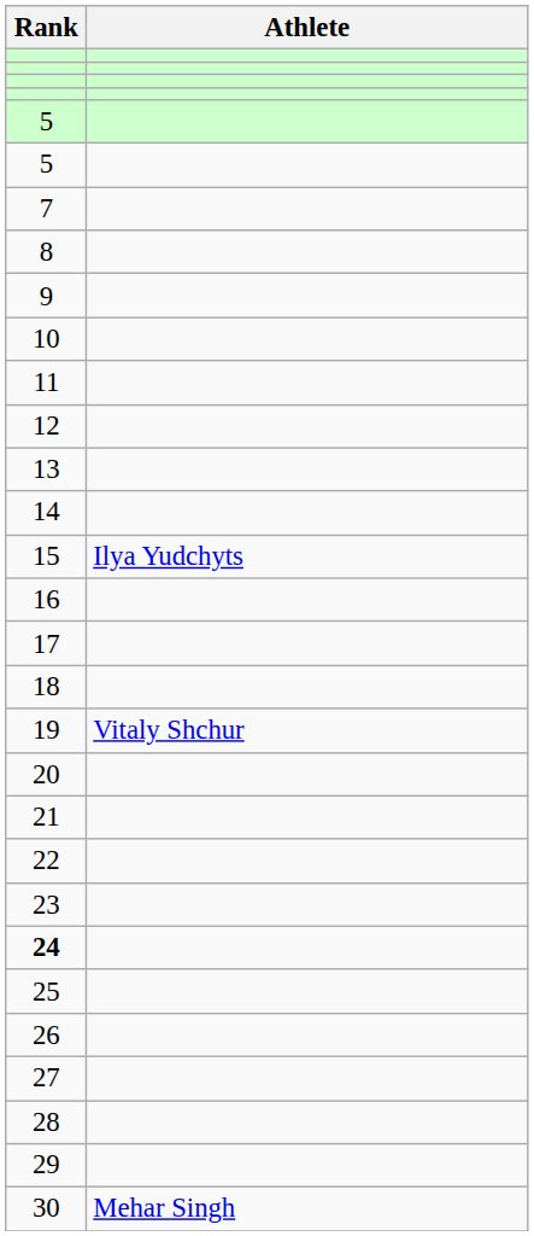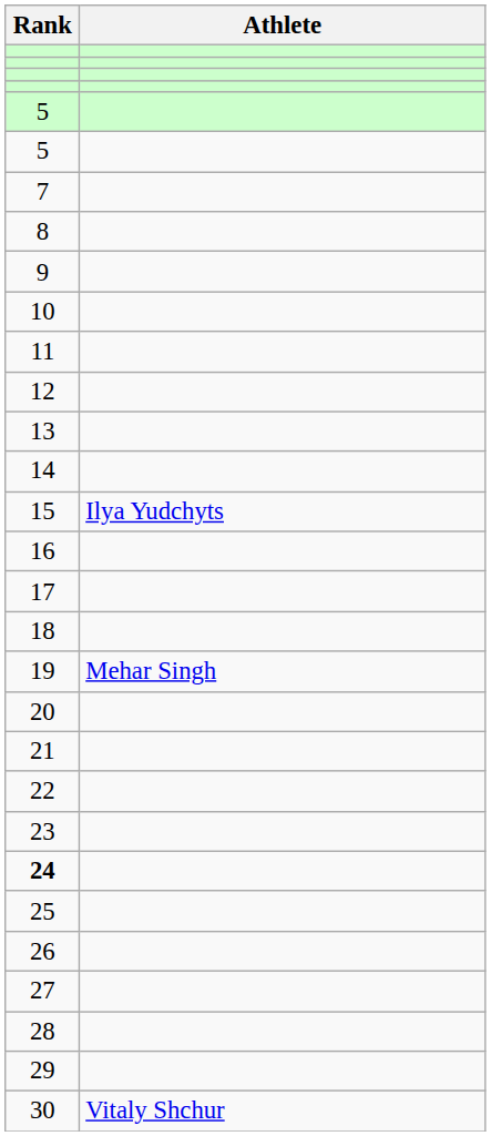 <table class="wikitable" style="text-align: center;">
 <tr>
 <th width=40>Rank</th>
 <th width=250>Athlete</th>
 </tr>
 <tr bgcolor=#ccffcc>
 <td></td>
 <td align="left"></td>
 </tr>
 <tr bgcolor=#ccffcc>
 <td></td>
 <td align="left"></td>
 </tr>
 <tr bgcolor=#ccffcc>
 <td></td>
 <td align="left"></td>
 </tr>
 <tr bgcolor=#ccffcc>
 <td></td>
 <td align="left"></td>
 </tr>
 <tr bgcolor=#ccffcc>
 <td>5</td>
 <td align="left"></td>
 </tr>
 <tr>
 <td>5</td>
 <td align="left"></td>
 </tr>
 <tr>
 <td>7</td>
 <td align="left"></td>
 </tr>
 <tr>
 <td>8</td>
 <td align="left"></td>
 </tr>
 <tr>
 <td>9</td>
 <td align="left"></td>
 </tr>
 <tr>
 <td>10</td>
 <td align="left"></td>
 </tr>
 <tr>
 <td>11</td>
 <td align="left"></td>
 </tr>
 <tr>
 <td>12</td>
 <td align="left"></td>
 </tr>
 <tr>
 <td>13</td>
 <td align="left"></td>
 </tr>
 <tr>
 <td>14</td>
 <td align="left"></td>
 </tr>
 <tr>
 <td>15</td>
 <td align="left"> <a href='#'>Ilya Yudchyts</a> </td>
 </tr>
 <tr>
 <td>16</td>
 <td align="left"></td>
 </tr>
 <tr>
 <td>17</td>
 <td align="left"></td>
 </tr>
 <tr>
 <td>18</td>
 <td align="left"></td>
 </tr>
 <tr>
 <td>19</td>
-<td align="left"> <a href='#'>Vitaly Shchur</a> </td>
+<td align="left"> <a href='#'>Mehar Singh</a> </td>
 </tr>
 <tr>
 <td>20</td>
 <td align="left"></td>
 </tr>
 <tr>
 <td>21</td>
 <td align="left"></td>
 </tr>
 <tr>
 <td>22</td>
 <td align="left"></td>
 </tr>
 <tr>
 <td>23</td>
 <td align="left"></td>
 </tr>
 <tr>
 <td><strong>24</strong></td>
 <td align="left"></td>
 </tr>
 <tr>
 <td>25</td>
 <td align="left"></td>
 </tr>
 <tr>
 <td>26</td>
 <td align="left"></td>
 </tr>
 <tr>
 <td>27</td>
 <td align="left"></td>
 </tr>
 <tr>
 <td>28</td>
 <td align="left"></td>
 </tr>
 <tr>
 <td>29</td>
 <td align="left"></td>
 </tr>
 <tr>
 <td>30</td>
-<td align="left"> <a href='#'>Mehar Singh</a> </td>
+<td align="left"> <a href='#'>Vitaly Shchur</a> </td>
 </tr>
 </table>
